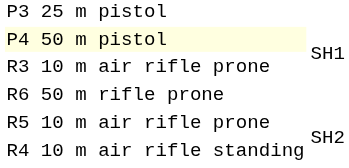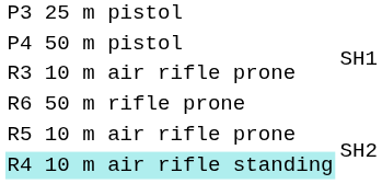 <table>
 <tr>
 <td>P3 25 m pistol</td>
 <td rowspan=4>SH1</td>
 <td></td>
 <td></td>
 <td></td>
 </tr>
 <tr>
-<td style="background: lightyellow;">P4 50 m pistol</td>
+<td>P4 50 m pistol</td>
 <td></td>
 <td></td>
 <td></td>
 </tr>
 <tr>
 <td>R3 10 m air rifle prone</td>
 <td nowrap></td>
 <td></td>
 <td></td>
 </tr>
 <tr>
 <td>R6 50 m rifle prone</td>
 <td></td>
 <td nowrap></td>
 <td></td>
 </tr>
 <tr>
 <td>R5 10 m air rifle prone</td>
 <td rowspan=2>SH2</td>
 <td></td>
 <td></td>
 <td nowrap></td>
 </tr>
 <tr>
-<td nowrap>R4 10 m air rifle standing</td>
+<td nowrap style="background: paleturquoise;">R4 10 m air rifle standing</td>
 <td></td>
 <td></td>
 <td></td>
 </tr>
 </table>
